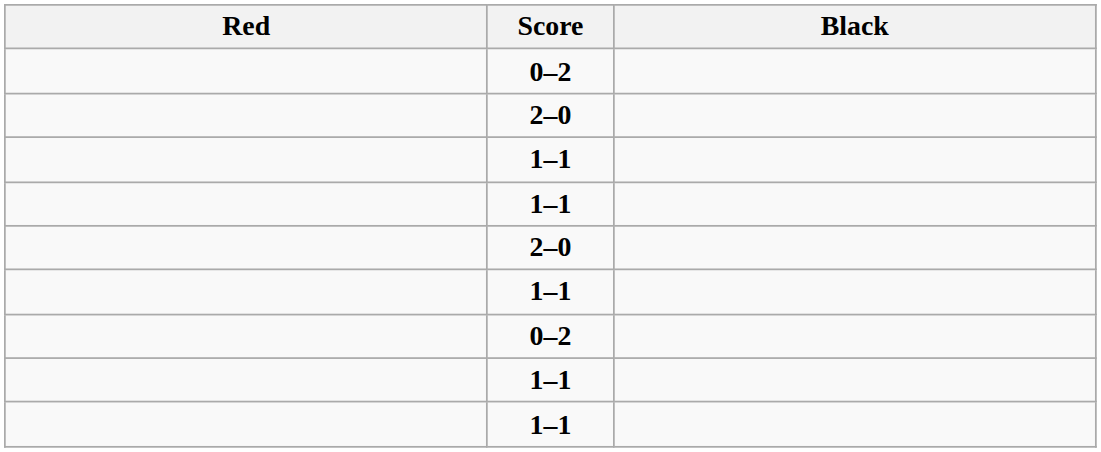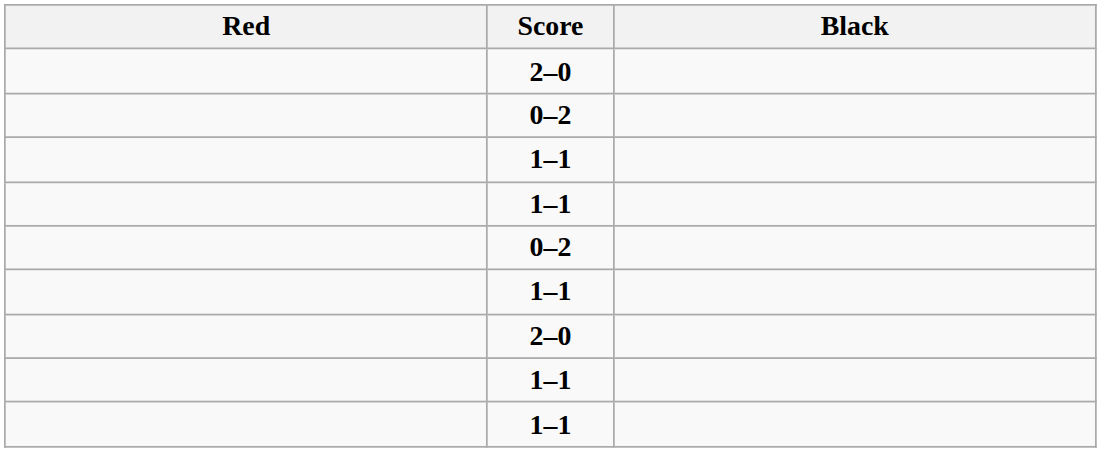 <table class="wikitable" style="text-align: center;">
 <tr>
 <th align="right" width="270">Red</th>
 <th width="65">Score</th>
 <th align="left" width="270">Black</th>
 </tr>
 <tr>
 <td align=left></td>
+<td align=center><strong>2–0</strong></td>
+<td align=left><strong></strong></td>
+</tr>
+<tr>
+<td align=left><strong></strong></td>
+<td align=center><strong>0–2</strong></td>
+<td align=left></td>
+</tr>
+<tr>
+<td align=left></td>
+<td align=center><strong>1–1</strong></td>
+<td align=left></td>
+</tr>
+<tr>
+<td align=left></td>
+<td align=center><strong>1–1</strong></td>
+<td align=left></td>
+</tr>
+<tr>
+<td align=left></td>
 <td align=center><strong>0–2</strong></td>
 <td align=left><strong></strong></td>
+</tr>
+<tr>
+<td align=left></td>
+<td align=center><strong>1–1</strong></td>
+<td align=left></td>
 </tr>
 <tr>
 <td align=left><strong></strong></td>
 <td align=center><strong>2–0</strong></td>
 <td align=left></td>
 </tr>
 <tr>
 <td align=left></td>
 <td align=center><strong>1–1</strong></td>
 <td align=left></td>
 </tr>
 <tr>
 <td align=left></td>
 <td align=center><strong>1–1</strong></td>
 <td align=left></td>
 </tr>
-<tr>
-<td align=left></td>
-<td align=center><strong>2–0</strong></td>
-<td align=left><strong></strong></td>
-</tr>
-<tr>
-<td align=left></td>
-<td align=center><strong>1–1</strong></td>
-<td align=left></td>
-</tr>
-<tr>
-<td align=left><strong></strong></td>
-<td align=center><strong>0–2</strong></td>
-<td align=left></td>
-</tr>
-<tr>
-<td align=left></td>
-<td align=center><strong>1–1</strong></td>
-<td align=left></td>
-</tr>
-<tr>
-<td align=left></td>
-<td align=center><strong>1–1</strong></td>
-<td align=left></td>
-</tr>
 </table>
